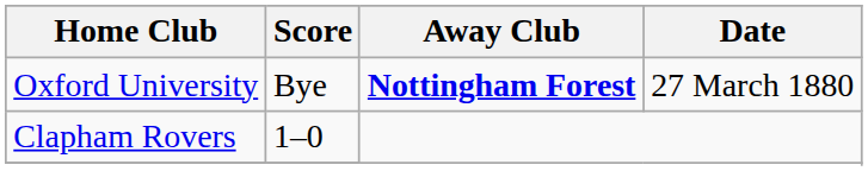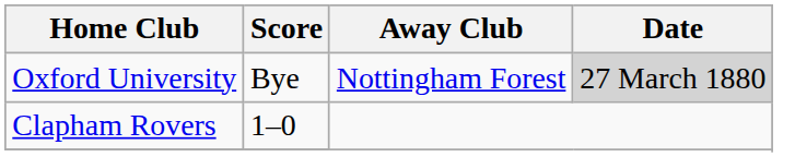 <table class="wikitable">
 <tr>
 <th>Home Club</th>
 <th>Score</th>
 <th>Away Club</th>
 <th>Date</th>
 </tr>
 <tr>
 <td><a href='#'>Oxford University</a></td>
 <td>Bye</td>
-<td><strong><a href='#'>Nottingham Forest</a></strong></td>
-<td>27 March 1880</td>
+<td><a href='#'>Nottingham Forest</a></td>
+<td style="background: lightgrey;">27 March 1880</td>
 </tr>
 <tr>
 <td><a href='#'>Clapham Rovers</a></td>
 <td>1–0</td>
 </tr>
 <tr>
 </tr>
 </table>
